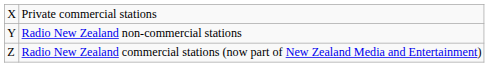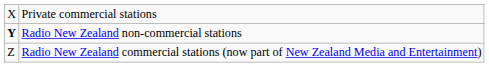 <table class="wikitable">
 <tr>
 <td>X</td>
 <td>Private commercial stations</td>
 </tr>
 <tr>
-<td>Y</td>
+<td><strong>Y</strong></td>
 <td><a href='#'>Radio New Zealand</a> non-commercial stations</td>
 </tr>
 <tr>
 <td>Z</td>
 <td><a href='#'>Radio New Zealand</a> commercial stations (now part of <a href='#'>New Zealand Media and Entertainment</a>)</td>
 </tr>
 </table>
